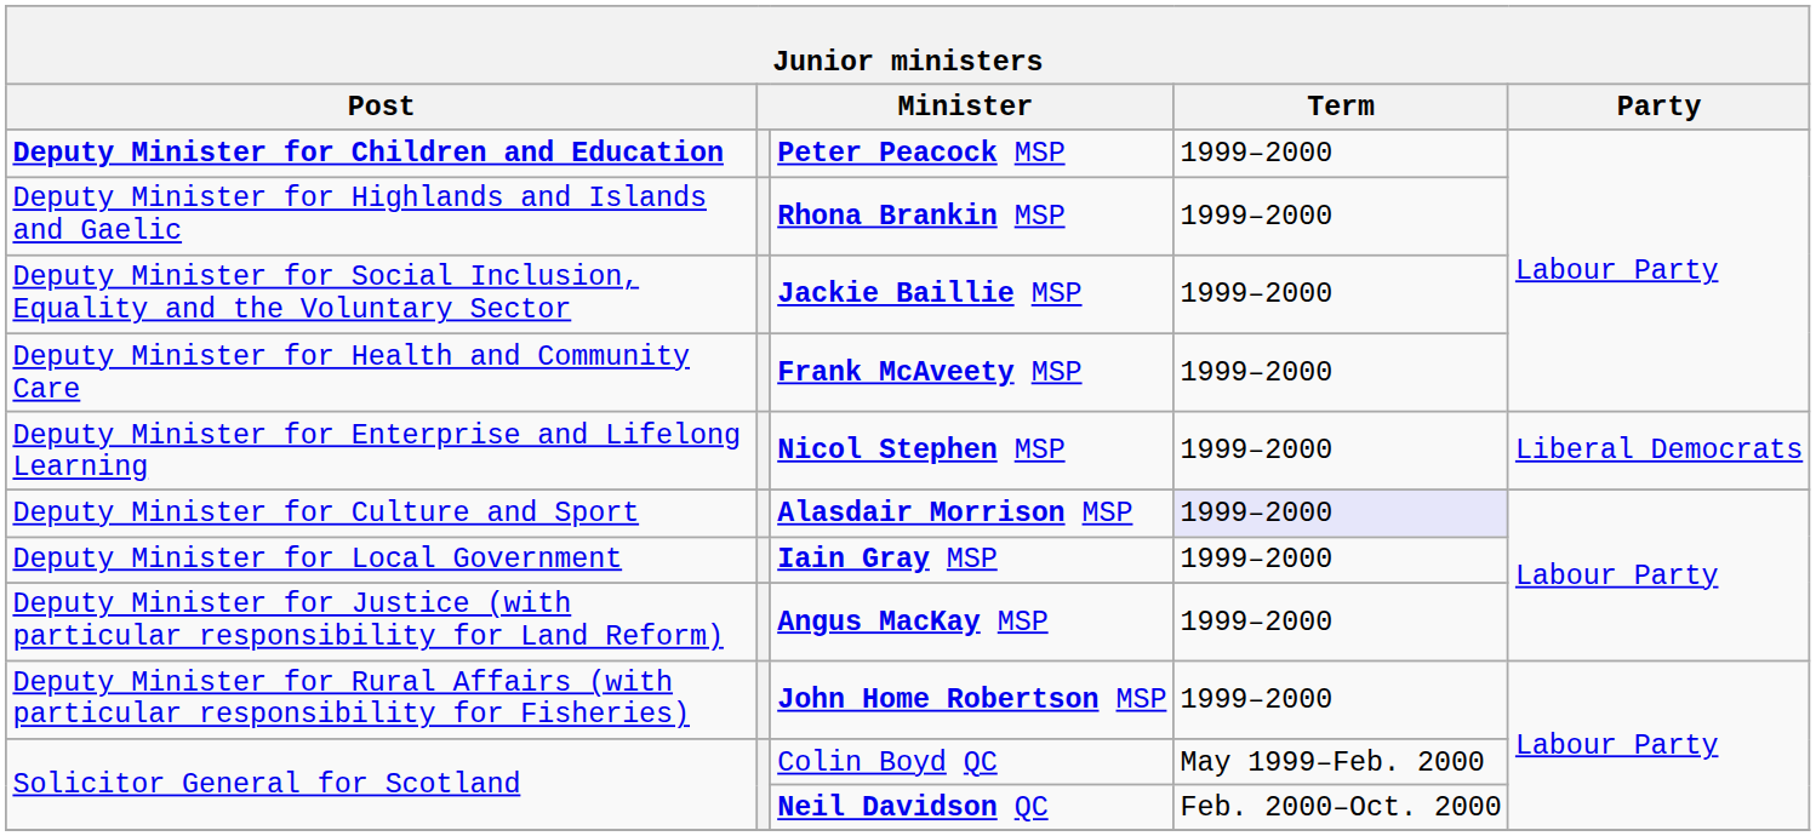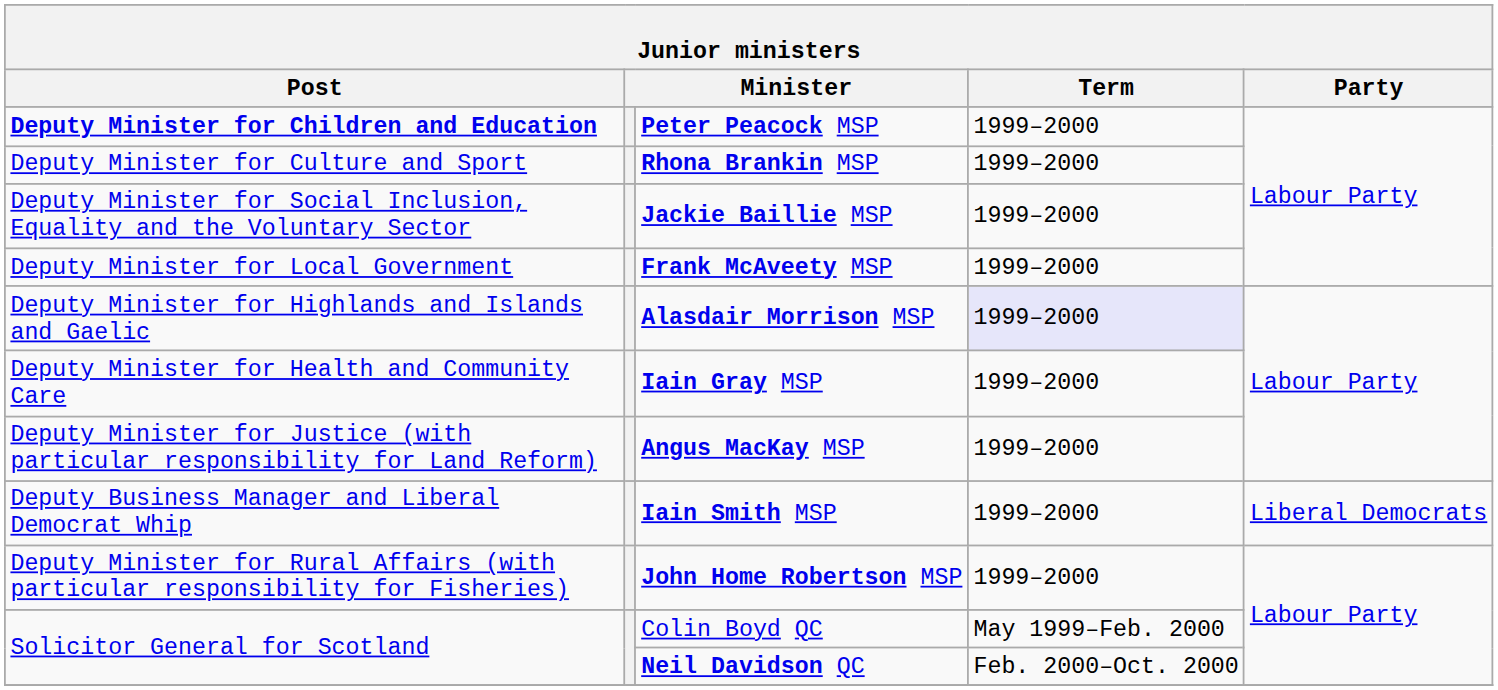 <table class="wikitable">
 <tr>
 <th colspan="5"><br>Junior ministers</th>
 </tr>
 <tr>
 <th style="width: 340px">Post</th>
 <th colspan="2">Minister</th>
 <th>Term</th>
 <th>Party</th>
 </tr>
 <tr>
 <td><strong><a href='#'>Deputy Minister for Children and Education</a></strong></td>
 <th style="background-color: "></th>
 <td><strong><a href='#'>Peter Peacock</a></strong> <a href='#'>MSP</a></td>
 <td>1999–2000</td>
 <td rowspan="4"><a href='#'>Labour Party</a></td>
 </tr>
 <tr>
-<td><a href='#'>Deputy Minister for Highlands and Islands and Gaelic</a></td>
+<td><a href='#'>Deputy Minister for Culture and Sport</a></td>
 <th style="background-color: "></th>
 <td><strong><a href='#'>Rhona Brankin</a></strong> <a href='#'>MSP</a></td>
 <td>1999–2000</td>
 </tr>
 <tr>
 <td><a href='#'>Deputy Minister for Social Inclusion, Equality and the Voluntary Sector</a></td>
 <th style="background-color: "></th>
 <td><strong><a href='#'>Jackie Baillie</a></strong> <a href='#'>MSP</a></td>
 <td>1999–2000</td>
 </tr>
 <tr>
-<td><a href='#'>Deputy Minister for Health and Community Care</a></td>
+<td><a href='#'>Deputy Minister for Local Government</a></td>
 <th style="background-color: "></th>
 <td><strong><a href='#'>Frank McAveety</a></strong> <a href='#'>MSP</a></td>
 <td>1999–2000</td>
 </tr>
 <tr>
-<td><a href='#'>Deputy Minister for Enterprise and Lifelong Learning</a></td>
-<th style="background-color: "></th>
-<td><strong><a href='#'>Nicol Stephen</a></strong> <a href='#'>MSP</a></td>
-<td>1999–2000</td>
-<td><a href='#'>Liberal Democrats</a></td>
-</tr>
-<tr>
-<td><a href='#'>Deputy Minister for Culture and Sport</a></td>
+<td><a href='#'>Deputy Minister for Highlands and Islands and Gaelic</a></td>
 <th style="background-color: "></th>
 <td><strong><a href='#'>Alasdair Morrison</a></strong> <a href='#'>MSP</a></td>
 <td style="background: lavender;">1999–2000</td>
 <td rowspan="3"><a href='#'>Labour Party</a></td>
 </tr>
 <tr>
-<td><a href='#'>Deputy Minister for Local Government</a></td>
+<td><a href='#'>Deputy Minister for Health and Community Care</a></td>
 <th style="background-color: "></th>
 <td><strong><a href='#'>Iain Gray</a></strong> <a href='#'>MSP</a></td>
 <td>1999–2000</td>
 </tr>
 <tr>
 <td><a href='#'>Deputy Minister for Justice (with particular responsibility for Land Reform)</a></td>
 <th style="background-color: "></th>
 <td><strong><a href='#'>Angus MacKay</a></strong> <a href='#'>MSP</a></td>
 <td>1999–2000</td>
+</tr>
+<tr>
+<td><a href='#'>Deputy Business Manager and Liberal Democrat Whip</a></td>
+<th style="background-color: "></th>
+<td><strong><a href='#'>Iain Smith</a></strong> <a href='#'>MSP</a></td>
+<td>1999–2000</td>
+<td><a href='#'>Liberal Democrats</a></td>
 </tr>
 <tr>
 <td><a href='#'>Deputy Minister for Rural Affairs (with particular responsibility for Fisheries)</a></td>
 <th style="background-color: "></th>
 <td><strong><a href='#'>John Home Robertson</a></strong> <a href='#'>MSP</a></td>
 <td>1999–2000</td>
 <td rowspan="3"><a href='#'>Labour Party</a></td>
 </tr>
 <tr>
 <td rowspan="2"><a href='#'>Solicitor General for Scotland</a></td>
 <th rowspan="2" style="background-color: "></th>
 <td><a href='#'>Colin Boyd</a> <a href='#'>QC</a></td>
 <td>May 1999–Feb. 2000</td>
 </tr>
 <tr>
 <td><strong><a href='#'>Neil Davidson</a></strong> <a href='#'>QC</a></td>
 <td>Feb. 2000–Oct. 2000</td>
 </tr>
 <tr>
 </tr>
 </table>
